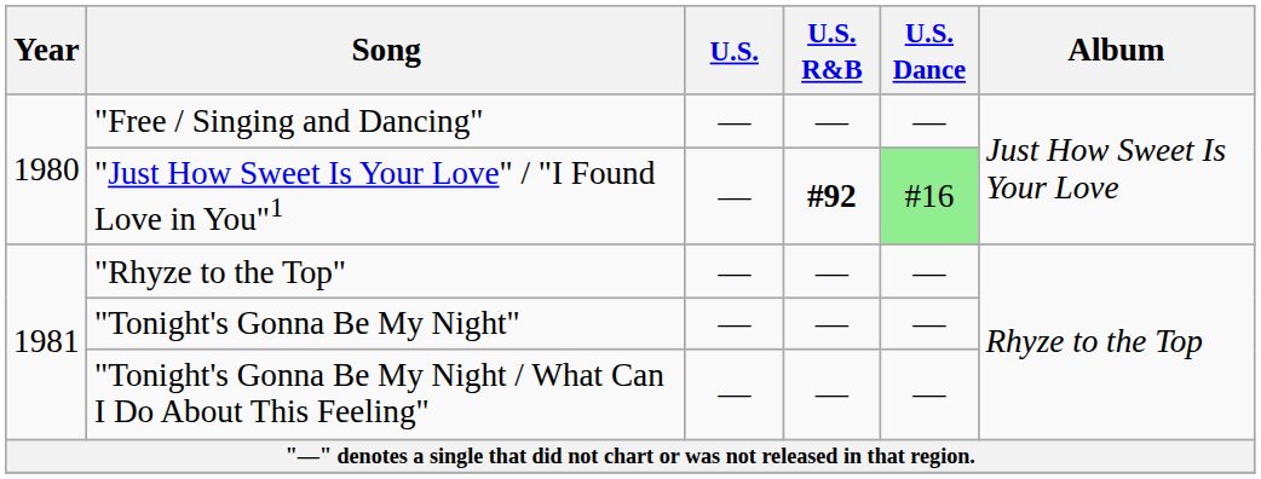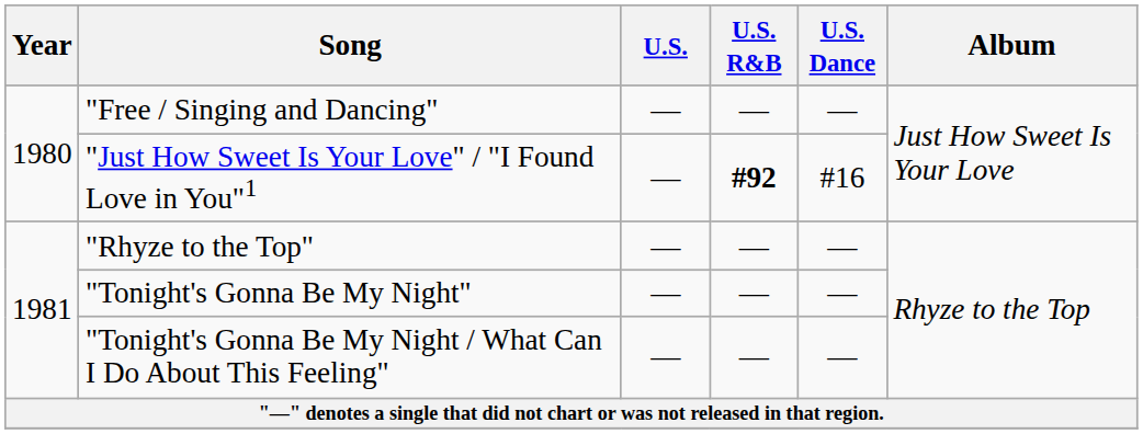 <table class="wikitable">
 <tr>
 <th>Year</th>
 <th>Song</th>
 <th width="40"><small><a href='#'>U.S.</a></small></th>
 <th width="40"><small><a href='#'>U.S. R&B</a></small></th>
 <th width="40"><small><a href='#'>U.S. Dance</a></small></th>
 <th>Album</th>
 </tr>
 <tr>
 <td rowspan="2">1980</td>
 <td>"Free / Singing and Dancing"</td>
 <td align="center">—</td>
 <td align="center">—</td>
 <td align="center">—</td>
 <td rowspan="2"><em>Just How Sweet Is Your Love</em></td>
 </tr>
 <tr>
 <td>"<a href='#'>Just How Sweet Is Your Love</a>" / "I Found Love in You"<sup>1</sup></td>
 <td align="center">—</td>
 <td align="center"><strong>#92</strong></td>
-<td align="center" style="background: lightgreen;">#16</td>
+<td align="center">#16</td>
 </tr>
 <tr>
 <td rowspan="3">1981</td>
 <td>"Rhyze to the Top"</td>
 <td align="center">—</td>
 <td align="center">—</td>
 <td align="center">—</td>
 <td rowspan="3"><em>Rhyze to the Top</em></td>
 </tr>
 <tr>
 <td>"Tonight's Gonna Be My Night"</td>
 <td align="center">—</td>
 <td align="center">—</td>
 <td align="center">—</td>
 </tr>
 <tr>
 <td>"Tonight's Gonna Be My Night / What Can I Do About This Feeling"</td>
 <td align="center">—</td>
 <td align="center">—</td>
 <td align="center">—</td>
 </tr>
 <tr>
 <th colspan="6" style="font-size: 8pt">"—" denotes a single that did not chart or was not released in that region.</th>
 </tr>
 <tr>
 </tr>
 </table>
